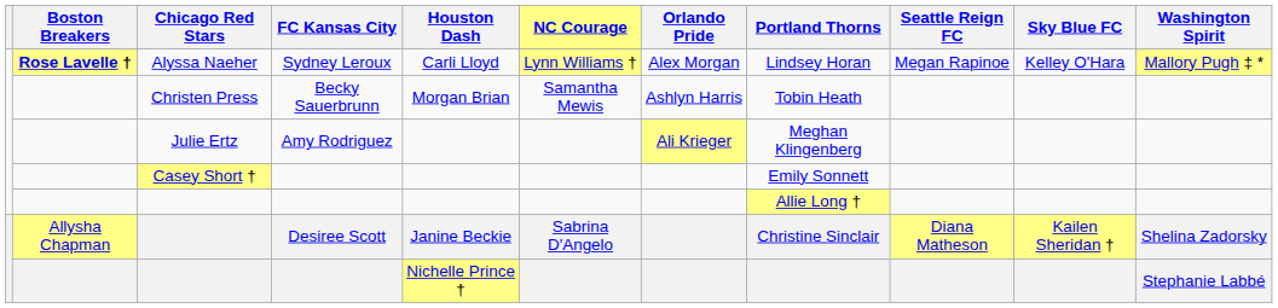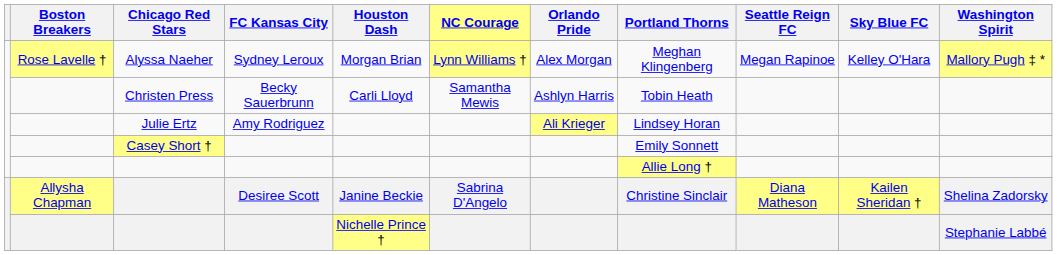 <table class="wikitable" style="text-align:center" style="font-size:90%">
 <tr>
 <th></th>
 <th><a href='#'>Boston Breakers</a></th>
 <th><a href='#'>Chicago Red Stars</a></th>
 <th><a href='#'>FC Kansas City</a></th>
 <th><a href='#'>Houston Dash</a></th>
 <td bgcolor="ffff88"><strong><a href='#'>NC Courage</a></strong></td>
 <th><a href='#'>Orlando Pride</a></th>
 <th><a href='#'>Portland Thorns</a></th>
 <th><a href='#'>Seattle Reign FC</a></th>
 <th><a href='#'>Sky Blue FC</a></th>
 <th><a href='#'>Washington Spirit</a></th>
 </tr>
 <tr>
 <td rowspan=5></td>
-<td bgcolor="ffff88"><strong><a href='#'>Rose Lavelle</a> †</strong></td>
+<td bgcolor="ffff88"><a href='#'>Rose Lavelle</a> †</td>
 <td><a href='#'>Alyssa Naeher</a></td>
 <td><a href='#'>Sydney Leroux</a></td>
-<td><a href='#'>Carli Lloyd</a></td>
+<td><a href='#'>Morgan Brian</a></td>
 <td bgcolor="ffff88"><a href='#'>Lynn Williams</a> †</td>
 <td><a href='#'>Alex Morgan</a></td>
-<td><a href='#'>Lindsey Horan</a></td>
+<td><a href='#'>Meghan Klingenberg</a></td>
 <td><a href='#'>Megan Rapinoe</a></td>
 <td><a href='#'>Kelley O'Hara</a></td>
 <td bgcolor="ffff88"><a href='#'>Mallory Pugh</a> ‡ *</td>
 </tr>
 <tr>
 <td></td>
 <td><a href='#'>Christen Press</a></td>
 <td><a href='#'>Becky Sauerbrunn</a></td>
-<td><a href='#'>Morgan Brian</a></td>
+<td><a href='#'>Carli Lloyd</a></td>
 <td><a href='#'>Samantha Mewis</a></td>
 <td><a href='#'>Ashlyn Harris</a></td>
 <td><a href='#'>Tobin Heath</a></td>
 <td></td>
 <td></td>
 <td></td>
 </tr>
 <tr>
 <td></td>
 <td><a href='#'>Julie Ertz</a></td>
 <td><a href='#'>Amy Rodriguez</a></td>
 <td></td>
 <td></td>
 <td bgcolor="ffff88"><a href='#'>Ali Krieger</a></td>
-<td><a href='#'>Meghan Klingenberg</a></td>
+<td><a href='#'>Lindsey Horan</a></td>
 <td></td>
 <td></td>
 <td></td>
 </tr>
 <tr>
 <td></td>
 <td bgcolor="ffff88"><a href='#'>Casey Short</a> †</td>
 <td></td>
 <td></td>
 <td></td>
 <td></td>
 <td><a href='#'>Emily Sonnett</a></td>
 <td></td>
 <td></td>
 <td></td>
 </tr>
 <tr>
 <td></td>
 <td></td>
 <td></td>
 <td></td>
 <td></td>
 <td></td>
 <td bgcolor="ffff88"><a href='#'>Allie Long</a> †</td>
 <td></td>
 <td></td>
 <td></td>
 </tr>
 <tr bgcolor="f2f2f2">
 <td rowspan=2></td>
 <td bgcolor="ffff88"><a href='#'>Allysha Chapman</a></td>
 <td></td>
 <td><a href='#'>Desiree Scott</a></td>
 <td><a href='#'>Janine Beckie</a></td>
 <td><a href='#'>Sabrina D'Angelo</a></td>
 <td></td>
 <td><a href='#'>Christine Sinclair</a></td>
 <td bgcolor="ffff88"><a href='#'>Diana Matheson</a></td>
 <td bgcolor="ffff88"><a href='#'>Kailen Sheridan</a> †</td>
 <td><a href='#'>Shelina Zadorsky</a></td>
 </tr>
 <tr bgcolor="f2f2f2">
 <td></td>
 <td></td>
 <td></td>
 <td bgcolor="ffff88"><a href='#'>Nichelle Prince</a> †</td>
 <td></td>
 <td></td>
 <td></td>
 <td></td>
 <td></td>
 <td><a href='#'>Stephanie Labbé</a></td>
 </tr>
 </table>
